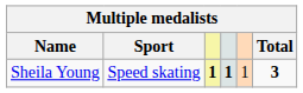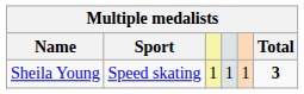 <table class=wikitable style=font-size:85%;float:right;text-align:center>
 <tr>
 <th colspan=6>Multiple medalists</th>
 </tr>
 <tr>
 <th>Name</th>
 <th>Sport</th>
 <td bgcolor=F7F6A8></td>
 <td bgcolor=DCE5E5></td>
 <td bgcolor=FFDAB9></td>
 <th>Total</th>
 </tr>
 <tr>
 <td><a href='#'>Sheila Young</a></td>
 <td><a href='#'>Speed skating</a></td>
-<td bgcolor=F7F6A8><strong>1</strong></td>
-<td bgcolor=DCE5E5><strong>1</strong></td>
+<td bgcolor=F7F6A8>1</td>
+<td bgcolor=DCE5E5>1</td>
 <td bgcolor=FFDAB9>1</td>
 <td><strong>3</strong></td>
 </tr>
 </table>
